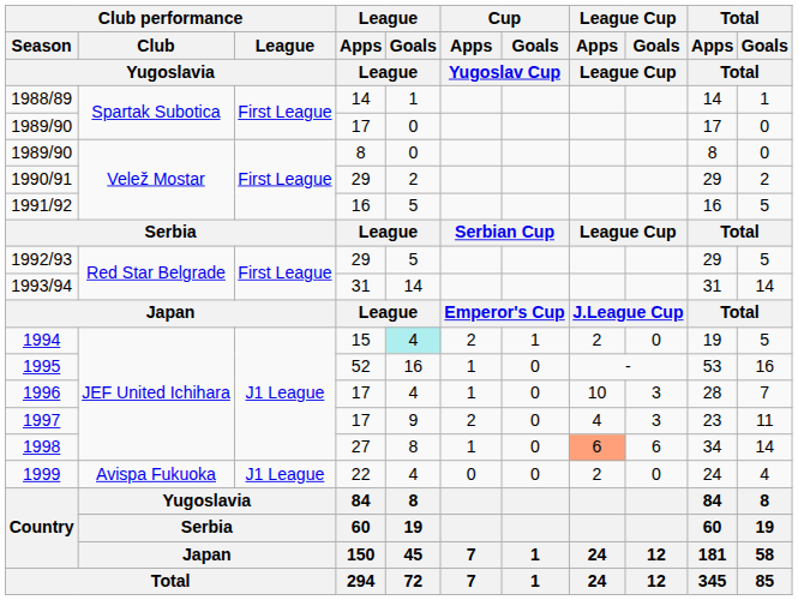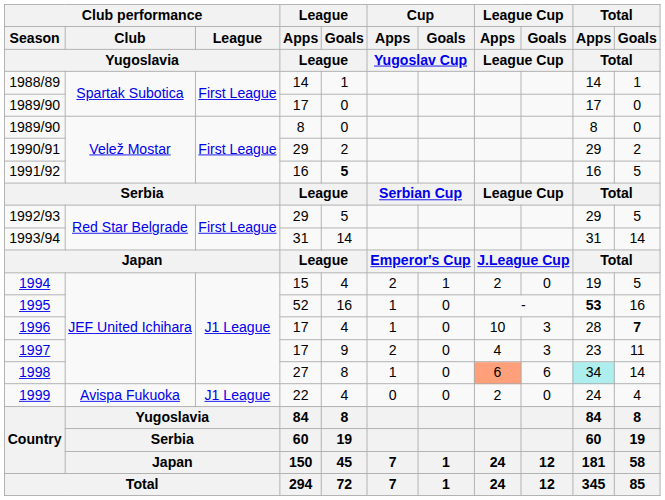 <table class="wikitable" style="text-align:center;">
 <tr>
 <th colspan=3>Club performance</th>
 <th colspan=2>League</th>
 <th colspan=2>Cup</th>
 <th colspan=2>League Cup</th>
 <th colspan=2>Total</th>
 </tr>
 <tr>
 <th>Season</th>
 <th>Club</th>
 <th>League</th>
 <th>Apps</th>
 <th>Goals</th>
 <th>Apps</th>
 <th>Goals</th>
 <th>Apps</th>
 <th>Goals</th>
 <th>Apps</th>
 <th>Goals</th>
 </tr>
 <tr>
 <th colspan=3>Yugoslavia</th>
 <th colspan=2>League</th>
 <th colspan=2><a href='#'>Yugoslav Cup</a></th>
 <th colspan=2>League Cup</th>
 <th colspan=2>Total</th>
 </tr>
 <tr>
 <td>1988/89</td>
 <td rowspan="2"><a href='#'>Spartak Subotica</a></td>
 <td rowspan="2"><a href='#'>First League</a></td>
 <td>14</td>
 <td>1</td>
 <td></td>
 <td></td>
 <td></td>
 <td></td>
 <td>14</td>
 <td>1</td>
 </tr>
 <tr>
 <td>1989/90</td>
 <td>17</td>
 <td>0</td>
 <td></td>
 <td></td>
 <td></td>
 <td></td>
 <td>17</td>
 <td>0</td>
 </tr>
 <tr>
 <td>1989/90</td>
 <td rowspan="3"><a href='#'>Velež Mostar</a></td>
 <td rowspan="3"><a href='#'>First League</a></td>
 <td>8</td>
 <td>0</td>
 <td></td>
 <td></td>
 <td></td>
 <td></td>
 <td>8</td>
 <td>0</td>
 </tr>
 <tr>
 <td>1990/91</td>
 <td>29</td>
 <td>2</td>
 <td></td>
 <td></td>
 <td></td>
 <td></td>
 <td>29</td>
 <td>2</td>
 </tr>
 <tr>
 <td>1991/92</td>
 <td>16</td>
-<td>5</td>
+<td><strong>5</strong></td>
 <td></td>
 <td></td>
 <td></td>
 <td></td>
 <td>16</td>
 <td>5</td>
 </tr>
 <tr>
 <th colspan=3>Serbia</th>
 <th colspan=2>League</th>
 <th colspan=2><a href='#'>Serbian Cup</a></th>
 <th colspan=2>League Cup</th>
 <th colspan=2>Total</th>
 </tr>
 <tr>
 <td>1992/93</td>
 <td rowspan="2"><a href='#'>Red Star Belgrade</a></td>
 <td rowspan="2"><a href='#'>First League</a></td>
 <td>29</td>
 <td>5</td>
 <td></td>
 <td></td>
 <td></td>
 <td></td>
 <td>29</td>
 <td>5</td>
 </tr>
 <tr>
 <td>1993/94</td>
 <td>31</td>
 <td>14</td>
 <td></td>
 <td></td>
 <td></td>
 <td></td>
 <td>31</td>
 <td>14</td>
 </tr>
 <tr>
 <th colspan=3>Japan</th>
 <th colspan=2>League</th>
 <th colspan=2><a href='#'>Emperor's Cup</a></th>
 <th colspan=2><a href='#'>J.League Cup</a></th>
 <th colspan=2>Total</th>
 </tr>
 <tr>
 <td><a href='#'>1994</a></td>
 <td rowspan="5"><a href='#'>JEF United Ichihara</a></td>
 <td rowspan="5"><a href='#'>J1 League</a></td>
 <td>15</td>
-<td style="background: paleturquoise;">4</td>
+<td>4</td>
 <td>2</td>
 <td>1</td>
 <td>2</td>
 <td>0</td>
 <td>19</td>
 <td>5</td>
 </tr>
 <tr>
 <td><a href='#'>1995</a></td>
 <td>52</td>
 <td>16</td>
 <td>1</td>
 <td>0</td>
 <td colspan="2">-</td>
-<td>53</td>
+<td><strong>53</strong></td>
 <td>16</td>
 </tr>
 <tr>
 <td><a href='#'>1996</a></td>
 <td>17</td>
 <td>4</td>
 <td>1</td>
 <td>0</td>
 <td>10</td>
 <td>3</td>
 <td>28</td>
-<td>7</td>
+<td><strong>7</strong></td>
 </tr>
 <tr>
 <td><a href='#'>1997</a></td>
 <td>17</td>
 <td>9</td>
 <td>2</td>
 <td>0</td>
 <td>4</td>
 <td>3</td>
 <td>23</td>
 <td>11</td>
 </tr>
 <tr>
 <td><a href='#'>1998</a></td>
 <td>27</td>
 <td>8</td>
 <td>1</td>
 <td>0</td>
 <td style="background: lightsalmon;">6</td>
 <td>6</td>
-<td>34</td>
+<td style="background: paleturquoise;">34</td>
 <td>14</td>
 </tr>
 <tr>
 <td><a href='#'>1999</a></td>
 <td><a href='#'>Avispa Fukuoka</a></td>
 <td><a href='#'>J1 League</a></td>
 <td>22</td>
 <td>4</td>
 <td>0</td>
 <td>0</td>
 <td>2</td>
 <td>0</td>
 <td>24</td>
 <td>4</td>
 </tr>
 <tr>
 <th rowspan=3>Country</th>
 <th colspan=2>Yugoslavia</th>
 <th>84</th>
 <th>8</th>
 <th></th>
 <th></th>
 <th></th>
 <th></th>
 <th>84</th>
 <th>8</th>
 </tr>
 <tr>
 <th colspan=2>Serbia</th>
 <th>60</th>
 <th>19</th>
 <th></th>
 <th></th>
 <th></th>
 <th></th>
 <th>60</th>
 <th>19</th>
 </tr>
 <tr>
 <th colspan=2>Japan</th>
 <th>150</th>
 <th>45</th>
 <th>7</th>
 <th>1</th>
 <th>24</th>
 <th>12</th>
 <th>181</th>
 <th>58</th>
 </tr>
 <tr>
 <th colspan=3>Total</th>
 <th>294</th>
 <th>72</th>
 <th>7</th>
 <th>1</th>
 <th>24</th>
 <th>12</th>
 <th>345</th>
 <th>85</th>
 </tr>
 </table>
